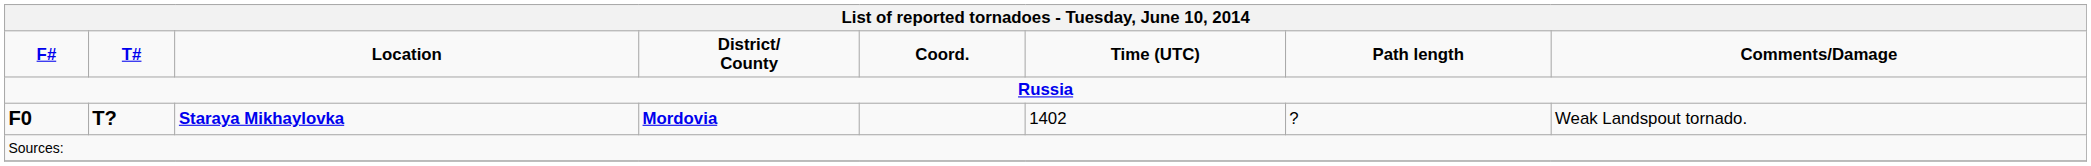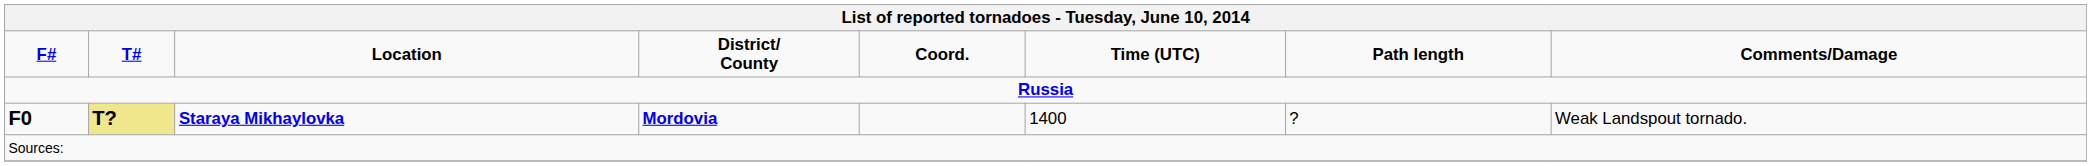 <table class="wikitable collapsible" width="100%">
 <tr>
 <th colspan="8">List of reported tornadoes - Tuesday, June 10, 2014</th>
 </tr>
 <tr>
 <td style="text-align: center;"><strong><a href='#'>F#</a></strong></td>
 <td style="text-align: center;"><strong><a href='#'>T#</a></strong></td>
 <td style="text-align: center;"><strong>Location</strong></td>
 <td style="text-align: center;"><strong>District/<br>County</strong></td>
 <td style="text-align: center;"><strong>Coord.</strong></td>
 <td style="text-align: center;"><strong>Time (UTC)</strong></td>
 <td style="text-align: center;"><strong>Path length</strong></td>
 <td style="text-align: center;"><strong>Comments/Damage</strong></td>
 </tr>
 <tr>
 <td colspan="8" align=center><strong><a href='#'>Russia</a></strong></td>
 </tr>
 <tr>
 <td><big><strong>F0</strong></big></td>
-<td><big><strong>T?</strong></big></td>
+<td style="background: khaki;"><big><strong>T?</strong></big></td>
 <td><strong><a href='#'>Staraya Mikhaylovka</a></strong></td>
 <td><strong><a href='#'>Mordovia</a></strong></td>
 <td></td>
-<td>1402</td>
+<td>1400</td>
 <td>?</td>
 <td>Weak Landspout tornado.</td>
 </tr>
 <tr>
 <td colspan="8"><small>Sources:</small></td>
 </tr>
 <tr>
 </tr>
 </table>
